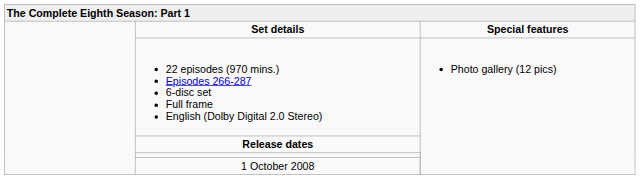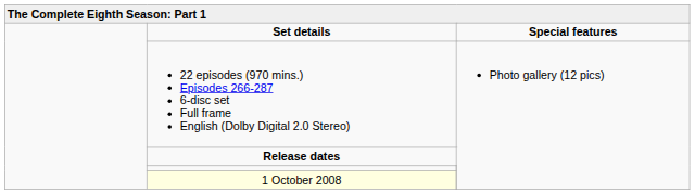 <table class="wikitable" style="font-size: 95%;">
 <tr style="background:#EFEFEF">
 <td colspan="5"><strong>The Complete Eighth Season: Part 1</strong></td>
 </tr>
 <tr>
 <td rowspan="6" align="center" width="180"></td>
 <td align="center" width="350" colspan="3"><strong>Set details</strong></td>
 <td width="250" align="center"><strong>Special features</strong></td>
 </tr>
 <tr valign="top">
 <td colspan="3" align="left" width="400"><br><ul><li>22 episodes (970 mins.)</li><li><a href='#'>Episodes 266-287</a></li><li>6-disc set</li><li>Full frame</li><li>English (Dolby Digital 2.0 Stereo)</li></ul></td>
 <td rowspan="4" align="left" width="300"><br><ul><li>Photo gallery (12 pics)</li></ul></td>
 </tr>
 <tr>
 <td colspan="3" align="center"><strong>Release dates</strong></td>
 </tr>
 <tr>
 <td align="center"></td>
 </tr>
 <tr>
-<td align="center">1 October 2008</td>
+<td align="center" style="background: lightyellow;">1 October 2008</td>
 </tr>
 </table>
